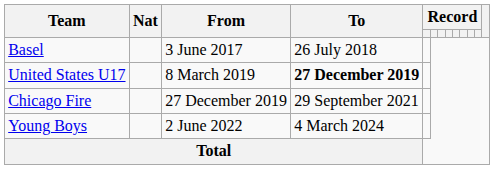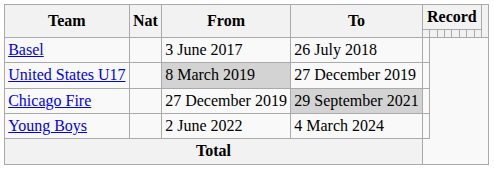 <table class="wikitable" style="text-align: center">
 <tr>
 <th rowspan="2">Team</th>
 <th rowspan="2">Nat</th>
 <th rowspan="2">From</th>
 <th rowspan="2">To</th>
 <th colspan="8">Record</th>
 <th rowspan=2></th>
 </tr>
 <tr>
 <th></th>
 <th></th>
 <th></th>
 <th></th>
 <th></th>
 <th></th>
 <th></th>
 <th></th>
 </tr>
 <tr>
 <td align=left><a href='#'>Basel</a></td>
 <td></td>
 <td align=left>3 June 2017</td>
 <td align=left>26 July 2018<br></td>
 <td></td>
 </tr>
 <tr>
 <td align=left><a href='#'>United States U17</a></td>
 <td></td>
-<td align=left>8 March 2019</td>
-<td align=left><strong>27 December 2019<br></strong></td>
+<td align=left style="background: lightgrey;">8 March 2019</td>
+<td align=left>27 December 2019<br></td>
 <td></td>
 </tr>
 <tr>
 <td align=left><a href='#'>Chicago Fire</a></td>
 <td></td>
 <td align=left>27 December 2019</td>
-<td align=left>29 September 2021<br></td>
+<td align=left style="background: lightgrey;">29 September 2021<br></td>
 <td></td>
 </tr>
 <tr>
 <td align=left><a href='#'>Young Boys</a></td>
 <td></td>
 <td align=left>2 June 2022</td>
 <td align=left>4 March 2024<br></td>
 <td></td>
 </tr>
 <tr>
 <th colspan="4">Total<br></th>
 </tr>
 </table>
